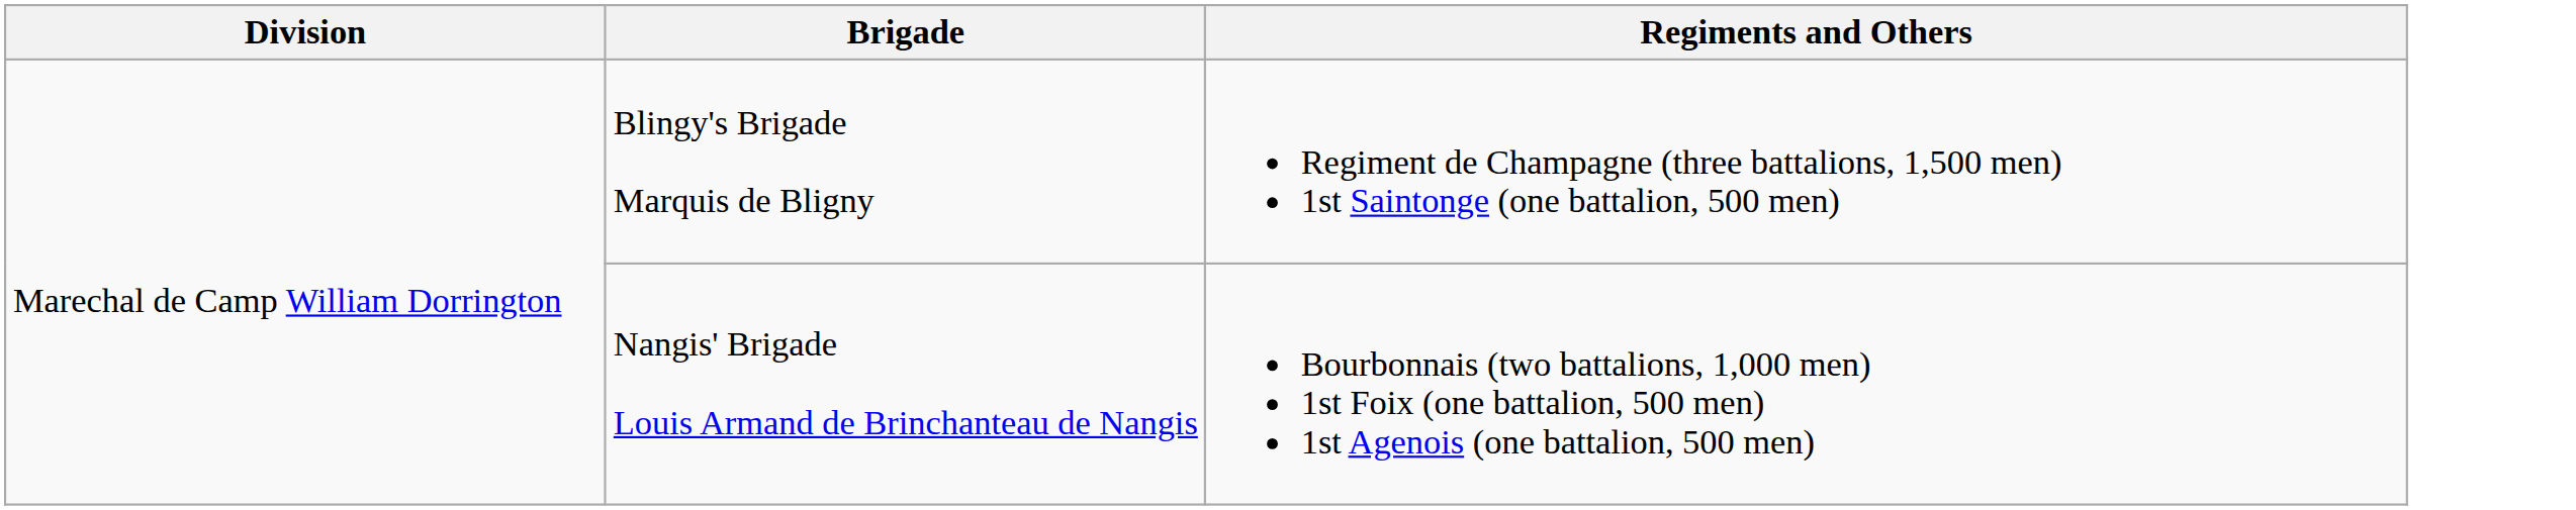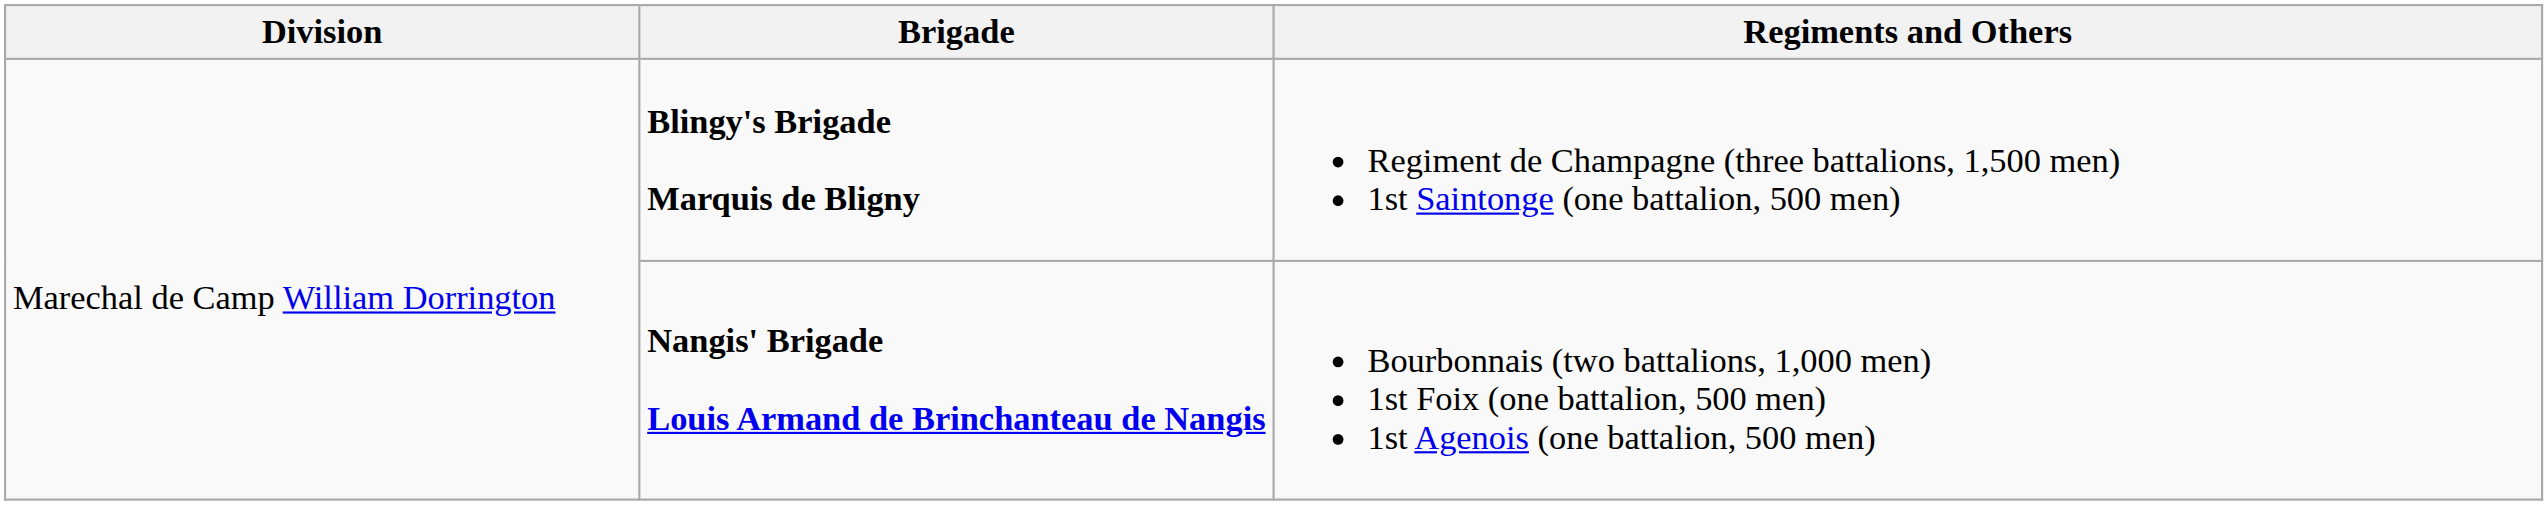 <table class="wikitable">
 <tr>
 <th width=25%>Division</th>
 <th width=25%>Brigade</th>
 <th>Regiments and Others</th>
 </tr>
 <tr>
 <td rowspan=2><br>Marechal de Camp <a href='#'>William Dorrington</a></td>
-<td>Blingy's Brigade<br><br> Marquis de Bligny</td>
+<td><strong>Blingy's Brigade<br><br> Marquis de Bligny</strong></td>
 <td><br><ul><li>Regiment de Champagne (three battalions, 1,500 men)</li><li>1st <a href='#'>Saintonge</a> (one battalion, 500 men)</li></ul></td>
 </tr>
 <tr>
-<td>Nangis' Brigade<br><br> <a href='#'>Louis Armand de Brinchanteau de Nangis</a></td>
+<td><strong>Nangis' Brigade<br><br> <a href='#'>Louis Armand de Brinchanteau de Nangis</a></strong></td>
 <td><br><ul><li>Bourbonnais (two battalions, 1,000 men)</li><li>1st Foix (one battalion, 500 men)</li><li>1st <a href='#'>Agenois</a> (one battalion, 500 men)</li></ul></td>
 </tr>
 </table>
